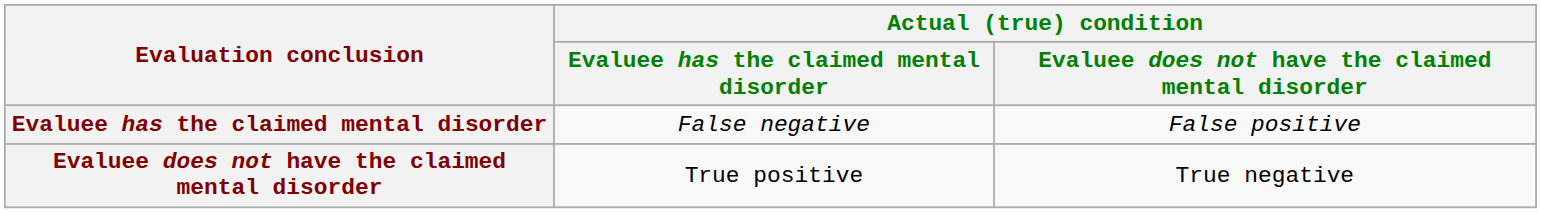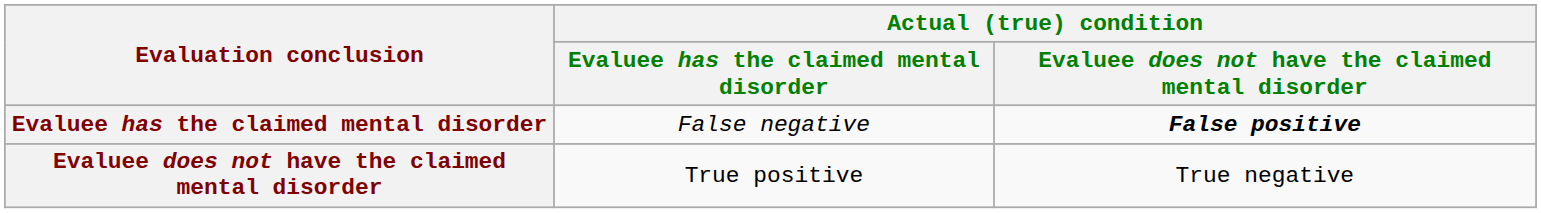 <table class="wikitable plainrowheaders" style="text-align:center;" border="1">
 <tr>
 <th scope="col" rowspan="2" style="color:maroon;">Evaluation conclusion</th>
 <th scope="col" colspan="2" style="color:green;">Actual (true) condition</th>
 </tr>
 <tr>
 <th scope="col" style="color:green;">Evaluee <em>has</em> the claimed mental disorder</th>
 <th scope="col" style="color:green;">Evaluee <em>does not</em> have the claimed mental disorder</th>
 </tr>
 <tr>
 <th scope="col" style="color:maroon;">Evaluee <em>has</em> the claimed mental disorder</th>
 <td><em>False negative</em></td>
-<td><em>False positive</em></td>
+<td><strong><em>False positive</em></strong></td>
 </tr>
 <tr>
 <th scope="col" style="color:maroon;">Evaluee <em>does not</em> have the claimed mental disorder</th>
 <td>True positive</td>
 <td>True negative</td>
 </tr>
 </table>
